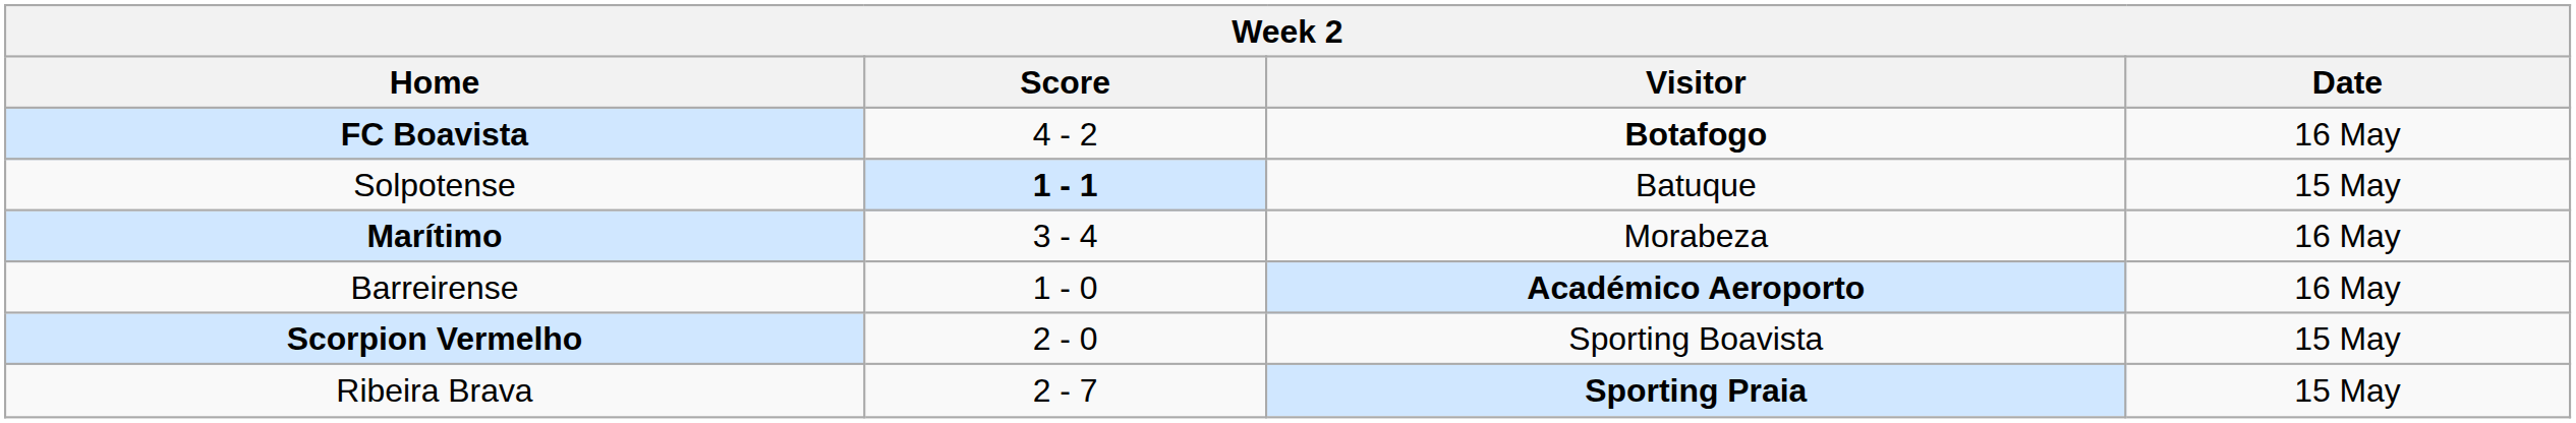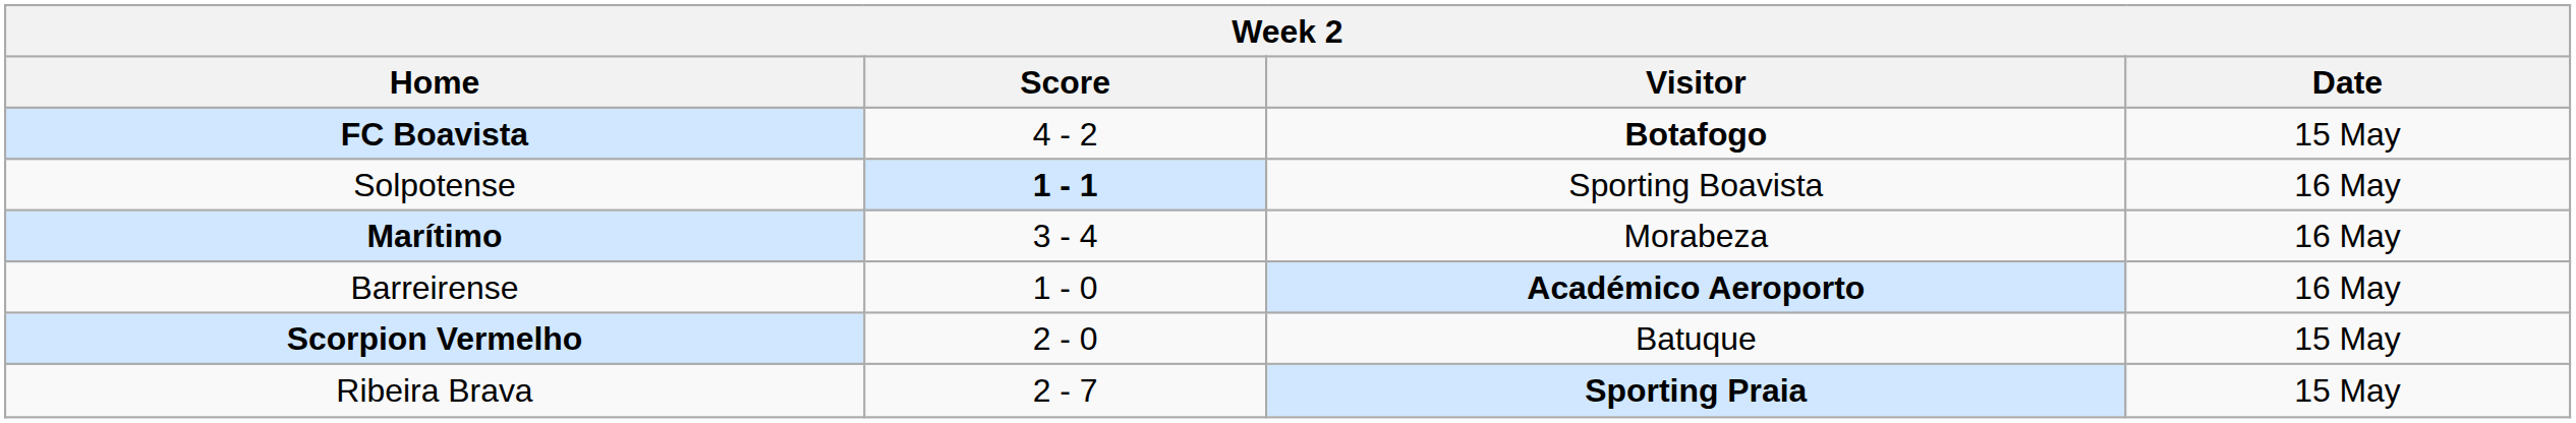 <table class="wikitable" style="font-size:95%; text-align: center; width: 95%;">
 <tr>
 <th colspan="12" style="with: 100%;" align=center>Week 2</th>
 </tr>
 <tr>
 <th width="200">Home</th>
 <th width="90">Score</th>
 <th width="200">Visitor</th>
 <th width="100">Date</th>
 </tr>
 <tr align=center>
 <td bgcolor=#D0E7FF><strong>FC Boavista</strong></td>
 <td>4 - 2</td>
 <td><strong>Botafogo</strong></td>
-<td>16 May</td>
+<td>15 May</td>
 </tr>
 <tr align=center>
 <td>Solpotense</td>
 <td bgcolor=#D0E7FF><strong>1 - 1</strong></td>
-<td>Batuque</td>
-<td>15 May</td>
+<td>Sporting Boavista</td>
+<td>16 May</td>
 </tr>
 <tr align=center>
 <td bgcolor=#D0E7FF><strong>Marítimo</strong></td>
 <td>3 - 4</td>
 <td>Morabeza</td>
 <td>16 May</td>
 </tr>
 <tr align=center>
 <td>Barreirense</td>
 <td>1 - 0</td>
 <td bgcolor=#D0E7FF><strong>Académico Aeroporto</strong></td>
 <td>16 May</td>
 </tr>
 <tr align=center>
 <td bgcolor=#D0E7FF><strong>Scorpion Vermelho</strong></td>
 <td>2 - 0</td>
-<td>Sporting Boavista</td>
+<td>Batuque</td>
 <td>15 May</td>
 </tr>
 <tr align=center>
 <td>Ribeira Brava</td>
 <td>2 - 7</td>
 <td bgcolor=#D0E7FF><strong>Sporting Praia</strong></td>
 <td>15 May</td>
 </tr>
 </table>
